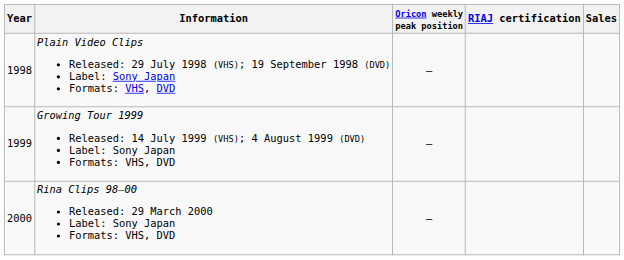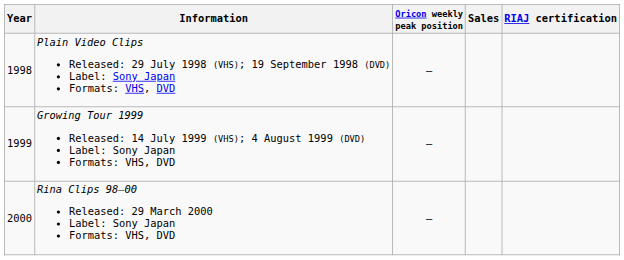 <table class="wikitable">
 <tr>
 <th>Year</th>
 <th>Information</th>
 <th><small><a href='#'>Oricon</a> weekly<br>peak position</small></th>
+<th>Sales<br></th>
 <th><a href='#'>RIAJ</a> certification</th>
-<th>Sales<br></th>
 </tr>
 <tr>
 <td>1998</td>
 <td><em>Plain Video Clips</em><br><ul><li>Released: 29 July 1998 <small>(VHS)</small>; 19 September 1998 <small>(DVD)</small></li><li>Label: <a href='#'>Sony Japan</a></li><li>Formats: <a href='#'>VHS</a>, <a href='#'>DVD</a></li></ul></td>
 <td style="text-align:center;">—</td>
 <td align="left"></td>
 <td align="left"></td>
 </tr>
 <tr>
 <td>1999</td>
 <td><em>Growing Tour 1999</em><br><ul><li>Released: 14 July 1999 <small>(VHS)</small>; 4 August 1999 <small>(DVD)</small></li><li>Label: Sony Japan</li><li>Formats: VHS, DVD</li></ul></td>
 <td style="text-align:center;">—</td>
 <td align="left"></td>
 <td align="left"></td>
 </tr>
 <tr>
 <td>2000</td>
 <td><em>Rina Clips 98—00</em><br><ul><li>Released: 29 March 2000</li><li>Label: Sony Japan</li><li>Formats: VHS, DVD</li></ul></td>
 <td style="text-align:center;">—</td>
 <td align="left"></td>
 <td align="left"></td>
 </tr>
 </table>
